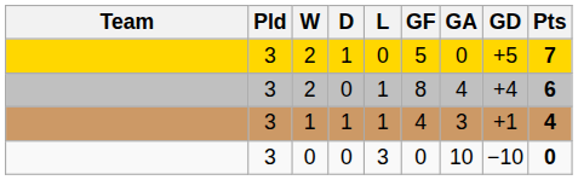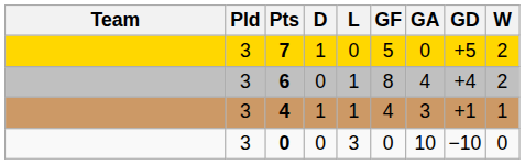 <table class="wikitable" style="text-align:center;">
 <tr>
 <th width=175>Team</th>
 <th width=20 abbr="Played">Pld</th>
-<th width=20 abbr="Won">W</th>
+<th width=20 abbr="Points">Pts</th>
 <th width=20 abbr="Drawn">D</th>
 <th width=20 abbr="Lost">L</th>
 <th width=20 abbr="Goals for">GF</th>
 <th width=20 abbr="Goals against">GA</th>
 <th width=20 abbr="Goal difference">GD</th>
-<th width=20 abbr="Points">Pts</th>
+<th width=20 abbr="Won">W</th>
 </tr>
 <tr bgcolor=gold>
 <td align="left"></td>
 <td>3</td>
-<td>2</td>
+<td><strong>7</strong></td>
 <td>1</td>
 <td>0</td>
 <td>5</td>
 <td>0</td>
 <td>+5</td>
-<td><strong>7</strong></td>
+<td>2</td>
 </tr>
 <tr bgcolor=silver>
 <td align="left"></td>
 <td>3</td>
-<td>2</td>
+<td><strong>6</strong></td>
 <td>0</td>
 <td>1</td>
 <td>8</td>
 <td>4</td>
 <td>+4</td>
-<td><strong>6</strong></td>
+<td>2</td>
 </tr>
 <tr bgcolor=#cc9966>
 <td align="left"></td>
 <td>3</td>
-<td>1</td>
+<td><strong>4</strong></td>
 <td>1</td>
 <td>1</td>
 <td>4</td>
 <td>3</td>
 <td>+1</td>
-<td><strong>4</strong></td>
+<td>1</td>
 </tr>
 <tr>
 <td align="left"></td>
 <td>3</td>
-<td>0</td>
+<td><strong>0</strong></td>
 <td>0</td>
 <td>3</td>
 <td>0</td>
 <td>10</td>
 <td>−10</td>
-<td><strong>0</strong></td>
+<td>0</td>
 </tr>
 </table>
